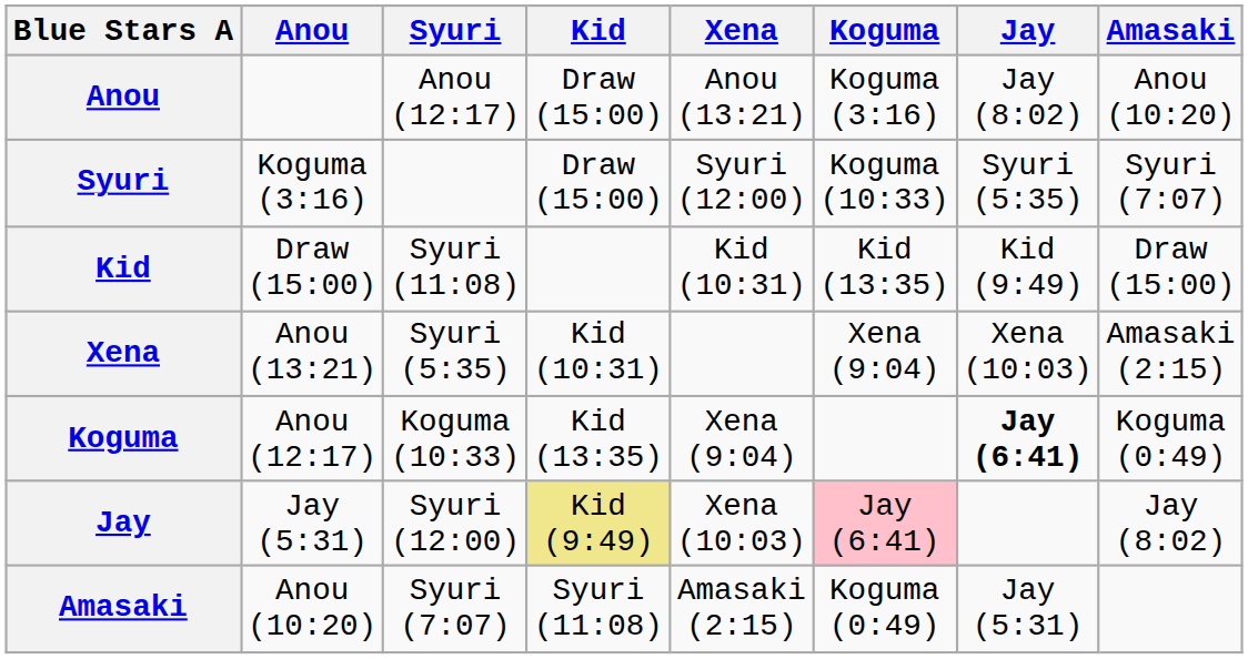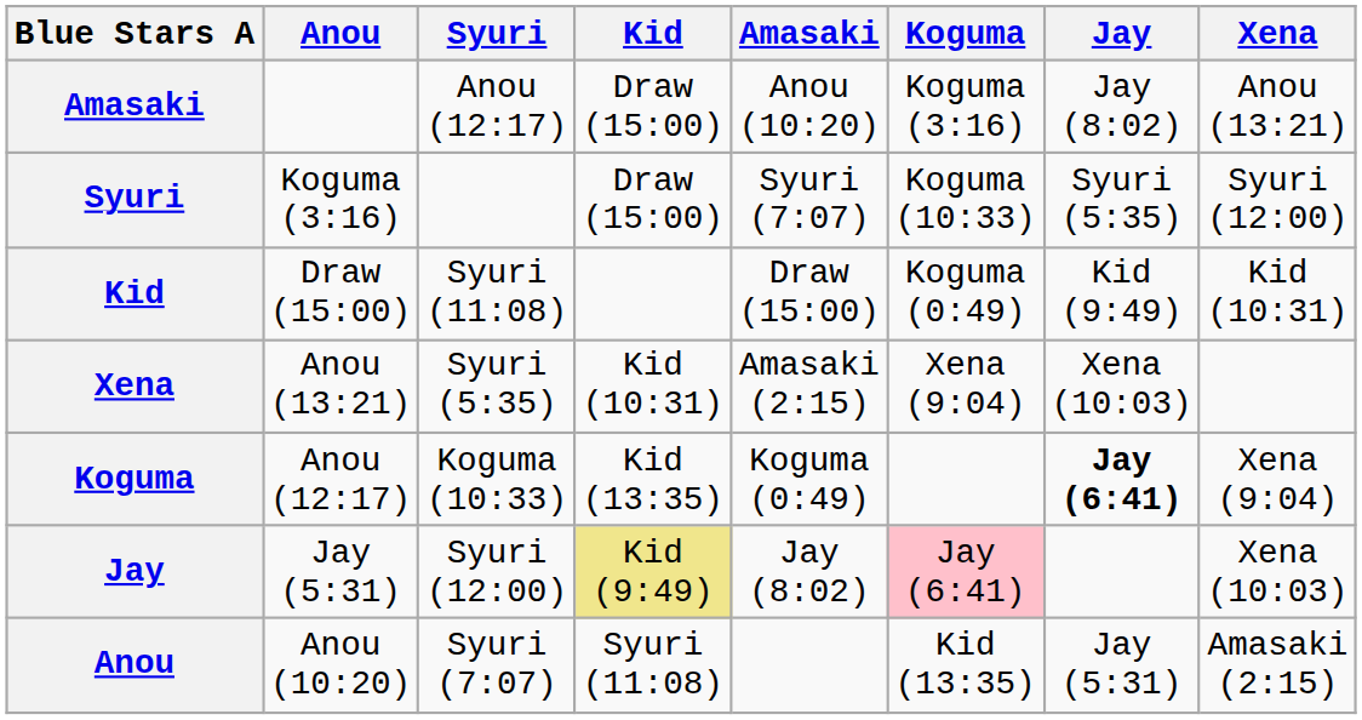 <table class="wikitable" style="text-align:center; margin: 1em auto 1em auto">
 <tr>
 <th>Blue Stars A</th>
 <th><a href='#'>Anou</a></th>
 <th><a href='#'>Syuri</a></th>
 <th><a href='#'>Kid</a></th>
-<th><a href='#'>Xena</a></th>
+<th><a href='#'>Amasaki</a></th>
 <th><a href='#'>Koguma</a></th>
 <th><a href='#'>Jay</a></th>
-<th><a href='#'>Amasaki</a></th>
+<th><a href='#'>Xena</a></th>
 </tr>
 <tr>
-<th><a href='#'>Anou</a></th>
+<th><a href='#'>Amasaki</a></th>
 <td></td>
 <td>Anou<br>(12:17)</td>
 <td>Draw<br>(15:00)</td>
-<td>Anou<br>(13:21)</td>
+<td>Anou<br>(10:20)</td>
 <td>Koguma<br>(3:16)</td>
 <td>Jay<br>(8:02)</td>
-<td>Anou<br>(10:20)</td>
+<td>Anou<br>(13:21)</td>
 </tr>
 <tr>
 <th><a href='#'>Syuri</a></th>
 <td>Koguma<br>(3:16)</td>
 <td></td>
 <td>Draw<br>(15:00)</td>
-<td>Syuri<br>(12:00)</td>
+<td>Syuri<br>(7:07)</td>
 <td>Koguma<br>(10:33)</td>
 <td>Syuri<br>(5:35)</td>
-<td>Syuri<br>(7:07)</td>
+<td>Syuri<br>(12:00)</td>
 </tr>
 <tr>
 <th><a href='#'>Kid</a></th>
 <td>Draw<br>(15:00)</td>
 <td>Syuri<br>(11:08)</td>
 <td></td>
+<td>Draw<br>(15:00)</td>
+<td>Koguma<br>(0:49)</td>
+<td>Kid<br>(9:49)</td>
 <td>Kid<br>(10:31)</td>
-<td>Kid <br>(13:35)</td>
-<td>Kid<br>(9:49)</td>
-<td>Draw<br>(15:00)</td>
 </tr>
 <tr>
 <th><a href='#'>Xena</a></th>
 <td>Anou<br>(13:21)</td>
 <td>Syuri<br>(5:35)</td>
 <td>Kid<br>(10:31)</td>
-<td></td>
+<td>Amasaki<br>(2:15)</td>
 <td>Xena<br>(9:04)</td>
 <td>Xena<br>(10:03)</td>
-<td>Amasaki<br>(2:15)</td>
+<td></td>
 </tr>
 <tr>
 <th><a href='#'>Koguma</a></th>
 <td>Anou<br>(12:17)</td>
 <td>Koguma<br>(10:33)</td>
 <td>Kid<br>(13:35)</td>
-<td>Xena<br>(9:04)</td>
+<td>Koguma<br>(0:49)</td>
 <td></td>
 <td><strong>Jay<br>(6:41)</strong></td>
-<td>Koguma<br>(0:49)</td>
+<td>Xena<br>(9:04)</td>
 </tr>
 <tr>
 <th><a href='#'>Jay</a></th>
 <td>Jay<br>(5:31)</td>
 <td>Syuri<br>(12:00)</td>
 <td style="background: khaki;">Kid<br>(9:49)</td>
-<td>Xena<br>(10:03)</td>
+<td>Jay<br>(8:02)</td>
 <td style="background: pink;">Jay<br>(6:41)</td>
 <td></td>
-<td>Jay<br>(8:02)</td>
+<td>Xena<br>(10:03)</td>
 </tr>
 <tr>
-<th><a href='#'>Amasaki</a></th>
+<th><a href='#'>Anou</a></th>
 <td>Anou<br>(10:20)</td>
 <td>Syuri<br>(7:07)</td>
 <td>Syuri<br>(11:08)</td>
+<td></td>
+<td>Kid <br>(13:35)</td>
+<td>Jay<br>(5:31)</td>
 <td>Amasaki<br>(2:15)</td>
-<td>Koguma<br>(0:49)</td>
-<td>Jay<br>(5:31)</td>
-<td></td>
 </tr>
 </table>
